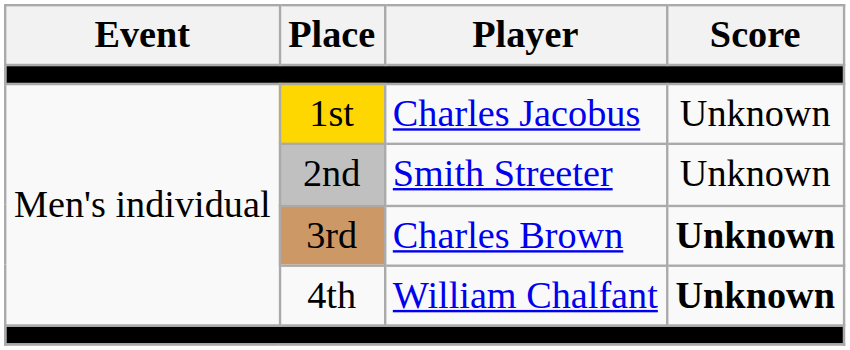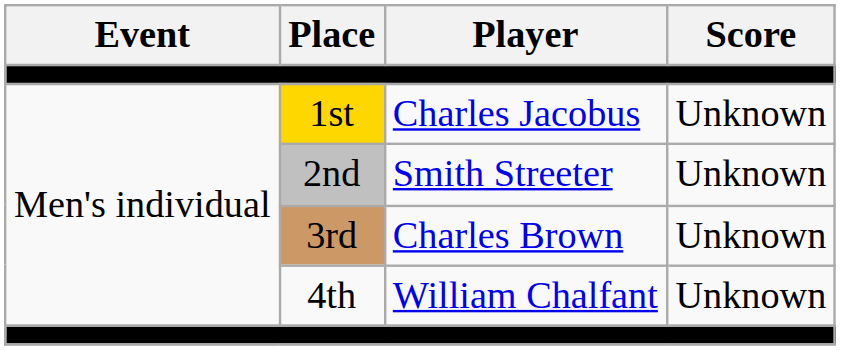 <table class=wikitable style="text-align:center">
 <tr>
 <th>Event</th>
 <th>Place</th>
 <th>Player</th>
 <th>Score</th>
 </tr>
 <tr bgcolor=black>
 <td colspan=4></td>
 </tr>
 <tr align=center>
 <td rowspan=4>Men's individual</td>
 <td bgcolor=gold>1st</td>
 <td align=left><a href='#'>Charles Jacobus</a></td>
 <td>Unknown</td>
 </tr>
 <tr>
 <td bgcolor=silver>2nd</td>
 <td align=left><a href='#'>Smith Streeter</a></td>
 <td>Unknown</td>
 </tr>
 <tr>
 <td bgcolor=cc9966>3rd</td>
 <td align=left><a href='#'>Charles Brown</a></td>
-<td><strong>Unknown</strong></td>
+<td>Unknown</td>
 </tr>
 <tr>
 <td>4th</td>
 <td align=left><a href='#'>William Chalfant</a></td>
-<td><strong>Unknown</strong></td>
+<td>Unknown</td>
 </tr>
 <tr bgcolor=black>
 <td colspan=4></td>
 </tr>
 </table>
